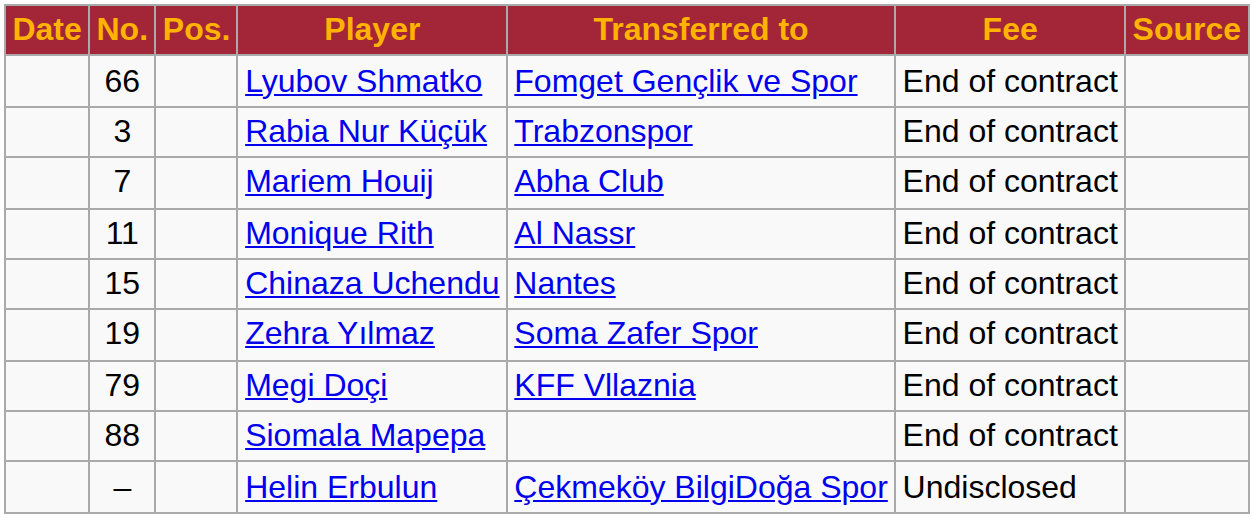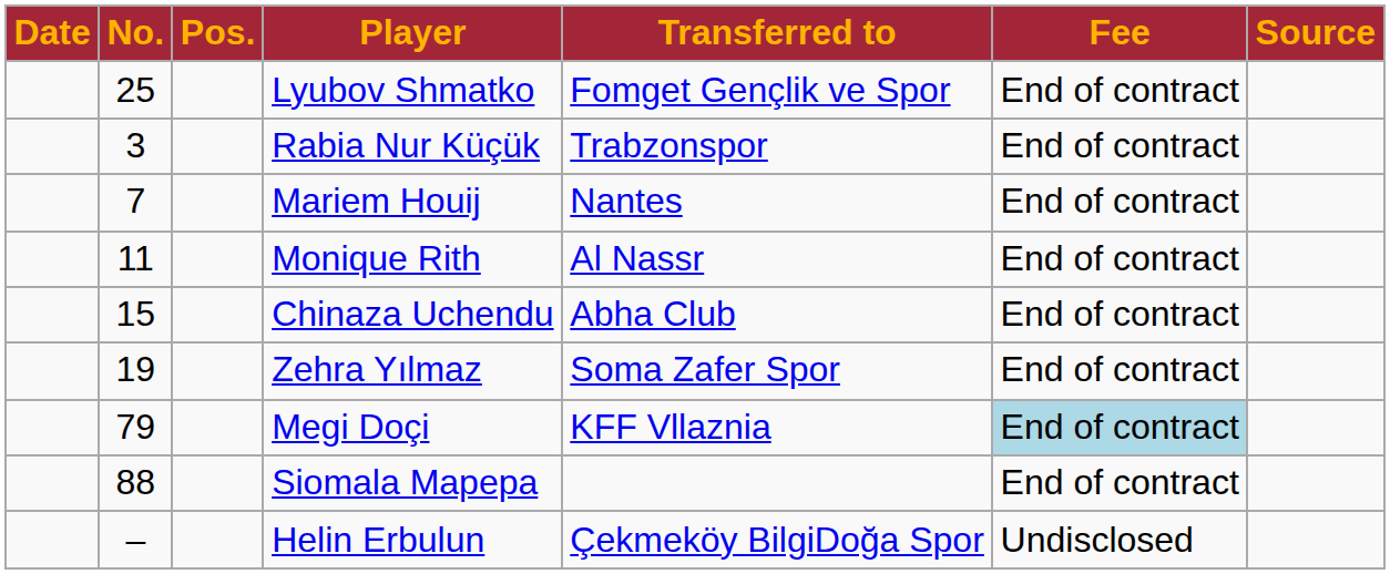 <table class="wikitable plainrowheaders sortable">
 <tr>
 <th style="background:#A32638; color:#FFB300; ">Date</th>
 <th style="background:#A32638; color:#FFB300; ">No.</th>
 <th style="background:#A32638; color:#FFB300; ">Pos.</th>
 <th style="background:#A32638; color:#FFB300; ">Player</th>
 <th style="background:#A32638; color:#FFB300; ">Transferred to</th>
 <th style="background:#A32638; color:#FFB300; ">Fee</th>
 <th style="background:#A32638; color:#FFB300; ">Source</th>
 </tr>
 <tr>
 <td></td>
-<td align=center>66</td>
+<td align=center>25</td>
 <td align=center></td>
 <td> <a href='#'>Lyubov Shmatko</a></td>
 <td> <a href='#'>Fomget Gençlik ve Spor</a></td>
 <td>End of contract</td>
 <td align=center></td>
 </tr>
 <tr>
 <td></td>
 <td align=center>3</td>
 <td align=center></td>
 <td> <a href='#'>Rabia Nur Küçük</a></td>
 <td> <a href='#'>Trabzonspor</a></td>
 <td>End of contract</td>
 <td align=center></td>
 </tr>
 <tr>
 <td></td>
 <td align=center>7</td>
 <td align=center></td>
 <td> <a href='#'>Mariem Houij</a></td>
-<td> <a href='#'>Abha Club</a></td>
+<td> <a href='#'>Nantes</a></td>
 <td>End of contract</td>
 <td align=center></td>
 </tr>
 <tr>
 <td></td>
 <td align=center>11</td>
 <td align=center></td>
 <td> <a href='#'>Monique Rith</a></td>
 <td> <a href='#'>Al Nassr</a></td>
 <td>End of contract</td>
 <td align=center></td>
 </tr>
 <tr>
 <td></td>
 <td align=center>15</td>
 <td align=center></td>
 <td> <a href='#'>Chinaza Uchendu</a></td>
-<td> <a href='#'>Nantes</a></td>
+<td> <a href='#'>Abha Club</a></td>
 <td>End of contract</td>
 <td align=center></td>
 </tr>
 <tr>
 <td></td>
 <td align=center>19</td>
 <td align=center></td>
 <td> <a href='#'>Zehra Yılmaz</a></td>
 <td> <a href='#'>Soma Zafer Spor</a></td>
 <td>End of contract</td>
 <td align=center></td>
 </tr>
 <tr>
 <td></td>
 <td align=center>79</td>
 <td align=center></td>
 <td> <a href='#'>Megi Doçi</a></td>
 <td> <a href='#'>KFF Vllaznia</a></td>
-<td>End of contract</td>
+<td style="background: lightblue;">End of contract</td>
 <td align=center></td>
 </tr>
 <tr>
 <td></td>
 <td align=center>88</td>
 <td align=center></td>
 <td> <a href='#'>Siomala Mapepa</a></td>
 <td></td>
 <td>End of contract</td>
 <td align=center></td>
 </tr>
 <tr>
 <td></td>
 <td align=center>–</td>
 <td align=center></td>
 <td> <a href='#'>Helin Erbulun</a></td>
 <td> <a href='#'>Çekmeköy BilgiDoğa Spor</a></td>
 <td>Undisclosed</td>
 <td align=center></td>
 </tr>
 </table>
